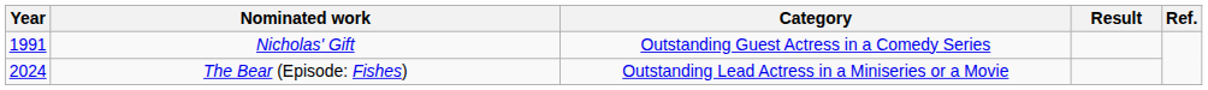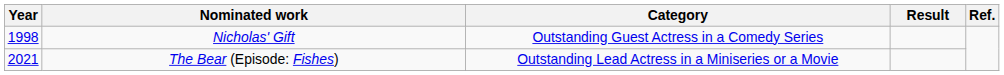 <table class="wikitable">
 <tr>
 <th scope="col" style="width:1em;">Year</th>
 <th scope="col" style="width:30em;">Nominated work</th>
 <th scope="col" style="width:30em;">Category</th>
 <th scope="col" style="width:5em;">Result</th>
 <th scope="col" style="width:1em;">Ref.</th>
 </tr>
 <tr>
-<td align="center"><a href='#'>1991</a></td>
+<td align="center"><a href='#'>1998</a></td>
 <td align="center"><em><a href='#'>Nicholas' Gift</a></em></td>
 <td align="center"><a href='#'>Outstanding Guest Actress in a Comedy Series</a></td>
 <td></td>
 <td rowspan="8" align="center"></td>
 </tr>
 <tr>
-<td align="center"><a href='#'>2024</a></td>
+<td align="center"><a href='#'>2021</a></td>
 <td align="center"><em><a href='#'>The Bear</a></em> (Episode: <em><a href='#'>Fishes</a></em>)</td>
 <td align="center"><a href='#'>Outstanding Lead Actress in a Miniseries or a Movie</a></td>
 <td></td>
 </tr>
 </table>
